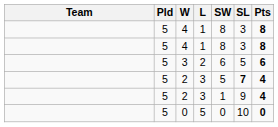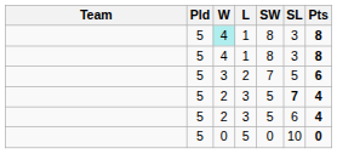 <table class=wikitable style="text-align:center">
 <tr>
 <th width=220>Team</th>
 <th width=20>Pld</th>
 <th width=20>W</th>
 <th width=20>L</th>
 <th width=20>SW</th>
 <th width=20>SL</th>
 <th width=20>Pts</th>
 </tr>
 <tr>
 <td align=left></td>
 <td>5</td>
-<td>4</td>
+<td style="background: paleturquoise;">4</td>
 <td>1</td>
 <td>8</td>
 <td>3</td>
 <td><strong>8</strong></td>
 </tr>
 <tr>
 <td align=left></td>
 <td>5</td>
 <td>4</td>
 <td>1</td>
 <td>8</td>
 <td>3</td>
 <td><strong>8</strong></td>
 </tr>
 <tr>
 <td align=left></td>
 <td>5</td>
 <td>3</td>
 <td>2</td>
-<td>6</td>
+<td>7</td>
 <td>5</td>
 <td><strong>6</strong></td>
 </tr>
 <tr>
 <td align=left></td>
 <td>5</td>
 <td>2</td>
 <td>3</td>
 <td>5</td>
 <td><strong>7</strong></td>
 <td><strong>4</strong></td>
 </tr>
 <tr>
 <td align=left></td>
 <td>5</td>
 <td>2</td>
 <td>3</td>
-<td>1</td>
-<td>9</td>
+<td>5</td>
+<td>6</td>
 <td><strong>4</strong></td>
 </tr>
 <tr>
 <td align=left></td>
 <td>5</td>
 <td>0</td>
 <td>5</td>
 <td>0</td>
 <td>10</td>
 <td><strong>0</strong></td>
 </tr>
 </table>
